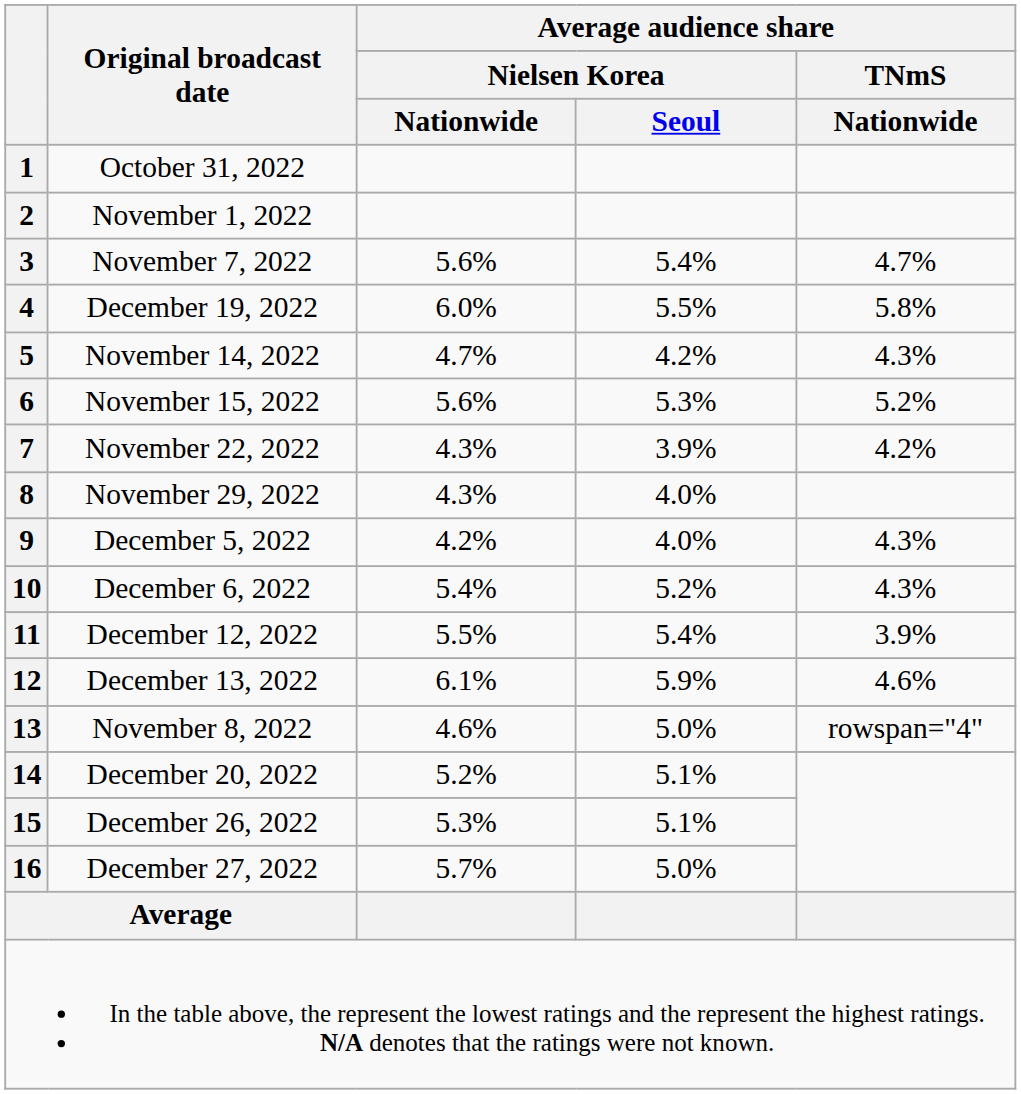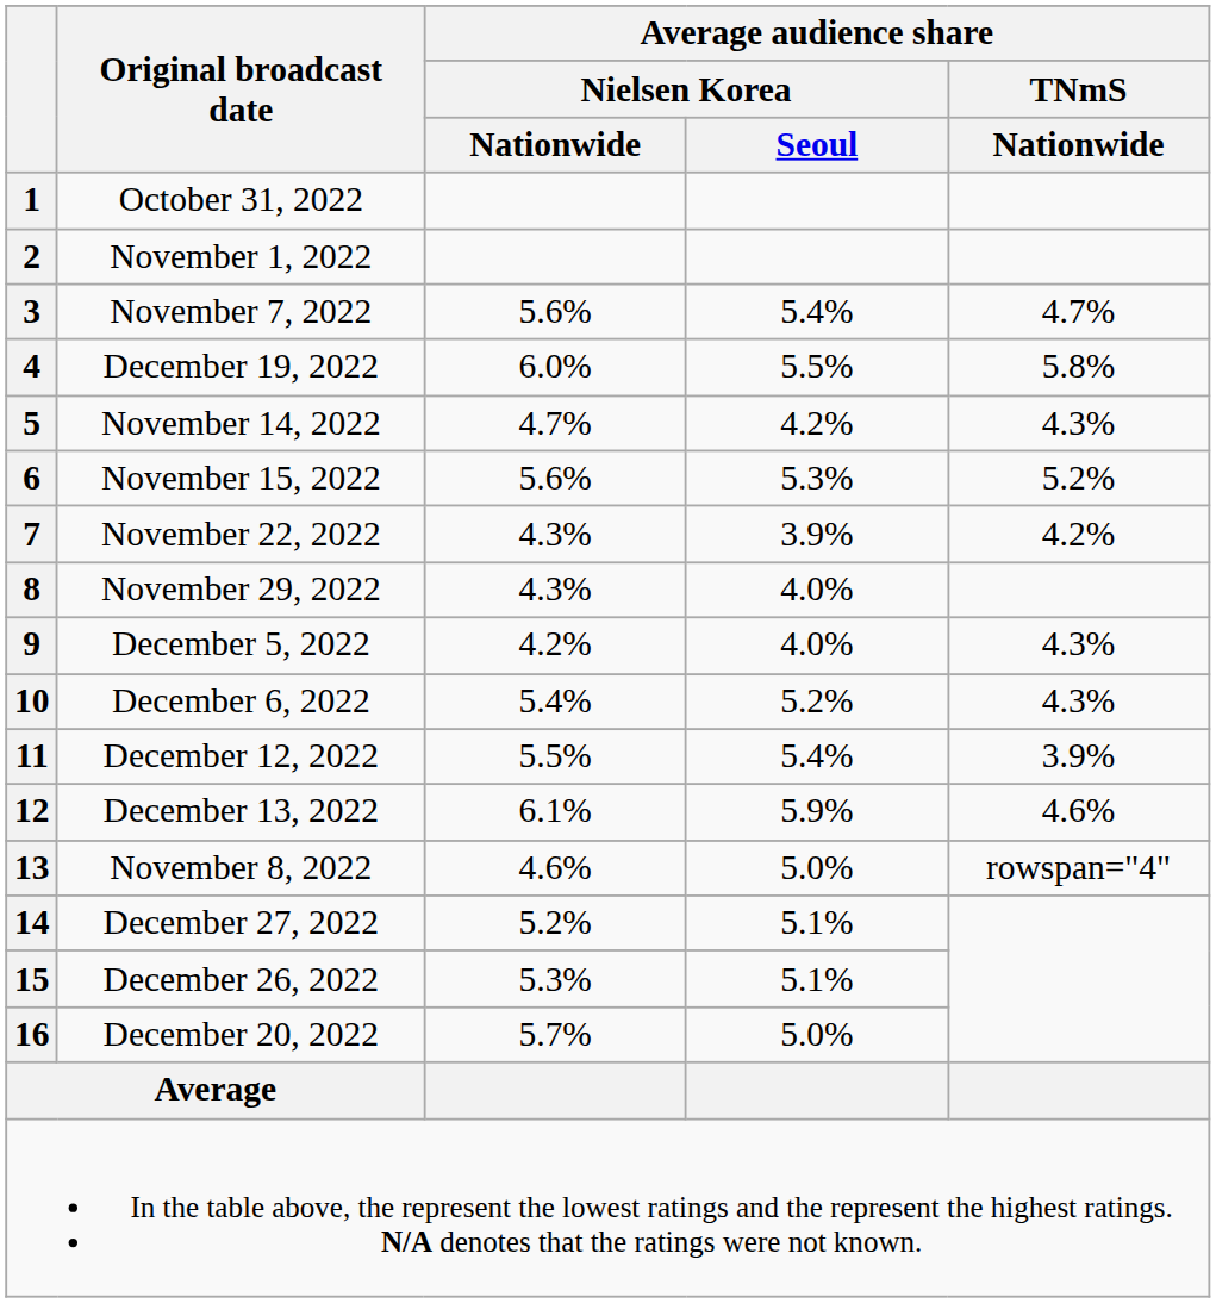 <table class="wikitable" style="text-align:center; max-width:550px; margin-left:auto; margin-right:auto">
 <tr>
 <th scope="col" rowspan="3"></th>
 <th scope="col" rowspan="3">Original broadcast date</th>
 <th scope="col" colspan="3">Average audience share</th>
 </tr>
 <tr>
 <th scope="col" colspan="2">Nielsen Korea</th>
 <th scope="col">TNmS</th>
 </tr>
 <tr>
 <th scope="col" style="width:7em">Nationwide</th>
 <th scope="col" style="width:7em"><a href='#'>Seoul</a></th>
 <th scope="col" style="width:7em">Nationwide</th>
 </tr>
 <tr>
 <th scope="col">1</th>
 <td>October 31, 2022</td>
 <td><strong></strong> </td>
 <td><strong></strong> </td>
 <td><strong></strong> </td>
 </tr>
 <tr>
 <th scope="col">2</th>
 <td>November 1, 2022</td>
 <td><strong></strong> </td>
 <td><strong></strong> </td>
 <td><strong></strong> </td>
 </tr>
 <tr>
 <th scope="col">3</th>
 <td>November 7, 2022</td>
 <td>5.6% </td>
 <td>5.4% </td>
 <td>4.7% </td>
 </tr>
 <tr>
 <th scope="col">4</th>
 <td>December 19, 2022</td>
 <td>6.0% </td>
 <td>5.5% </td>
 <td>5.8% </td>
 </tr>
 <tr>
 <th scope="col">5</th>
 <td>November 14, 2022</td>
 <td>4.7% </td>
 <td>4.2% </td>
 <td>4.3% </td>
 </tr>
 <tr>
 <th scope="col">6</th>
 <td>November 15, 2022</td>
 <td>5.6% </td>
 <td>5.3% </td>
 <td>5.2% </td>
 </tr>
 <tr>
 <th scope="col">7</th>
 <td>November 22, 2022</td>
 <td>4.3% </td>
 <td>3.9% </td>
 <td>4.2% </td>
 </tr>
 <tr>
 <th scope="col">8</th>
 <td>November 29, 2022</td>
 <td>4.3% </td>
 <td>4.0% </td>
 <td></td>
 </tr>
 <tr>
 <th scope="col">9</th>
 <td>December 5, 2022</td>
 <td>4.2% </td>
 <td>4.0% </td>
 <td>4.3% </td>
 </tr>
 <tr>
 <th scope="col">10</th>
 <td>December 6, 2022</td>
 <td>5.4% </td>
 <td>5.2% </td>
 <td>4.3% </td>
 </tr>
 <tr>
 <th scope="col">11</th>
 <td>December 12, 2022</td>
 <td>5.5% </td>
 <td>5.4% </td>
 <td>3.9% </td>
 </tr>
 <tr>
 <th scope="col">12</th>
 <td>December 13, 2022</td>
 <td>6.1% </td>
 <td>5.9% </td>
 <td>4.6% </td>
 </tr>
 <tr>
 <th scope="col">13</th>
 <td>November 8, 2022</td>
 <td>4.6% </td>
 <td>5.0% </td>
 <td>rowspan="4" </td>
 </tr>
 <tr>
 <th scope="col">14</th>
-<td>December 20, 2022</td>
+<td>December 27, 2022</td>
 <td>5.2% </td>
 <td>5.1% </td>
 </tr>
 <tr>
 <th scope="col">15</th>
 <td>December 26, 2022</td>
 <td>5.3% </td>
 <td>5.1% </td>
 </tr>
 <tr>
 <th scope="col">16</th>
-<td>December 27, 2022</td>
+<td>December 20, 2022</td>
 <td>5.7% </td>
 <td>5.0% </td>
 </tr>
 <tr>
 <th scope="col" colspan="2">Average</th>
 <th scope="col"></th>
 <th scope="col"></th>
 <th scope="col"></th>
 </tr>
 <tr>
 <td colspan="6" style="font-size:85%"><br><ul><li>In the table above, the <strong></strong> represent the lowest ratings and the <strong></strong> represent the highest ratings.</li><li><strong>N/A</strong> denotes that the ratings were not known.</li></ul></td>
 </tr>
 </table>
